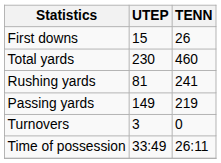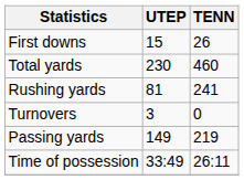 <table class="wikitable" style="float: left;">
 <tr>
 <th>Statistics</th>
 <th>UTEP</th>
 <th>TENN</th>
 </tr>
 <tr>
 <td>First downs</td>
 <td>15</td>
 <td>26</td>
 </tr>
 <tr>
 <td>Total yards</td>
 <td>230</td>
 <td>460</td>
 </tr>
 <tr>
 <td>Rushing yards</td>
 <td>81</td>
 <td>241</td>
 </tr>
 <tr>
+<td>Turnovers</td>
+<td>3</td>
+<td>0</td>
+</tr>
+<tr>
 <td>Passing yards</td>
 <td>149</td>
 <td>219</td>
-</tr>
-<tr>
-<td>Turnovers</td>
-<td>3</td>
-<td>0</td>
 </tr>
 <tr>
 <td>Time of possession</td>
 <td>33:49</td>
 <td>26:11</td>
 </tr>
 <tr>
 </tr>
 </table>
